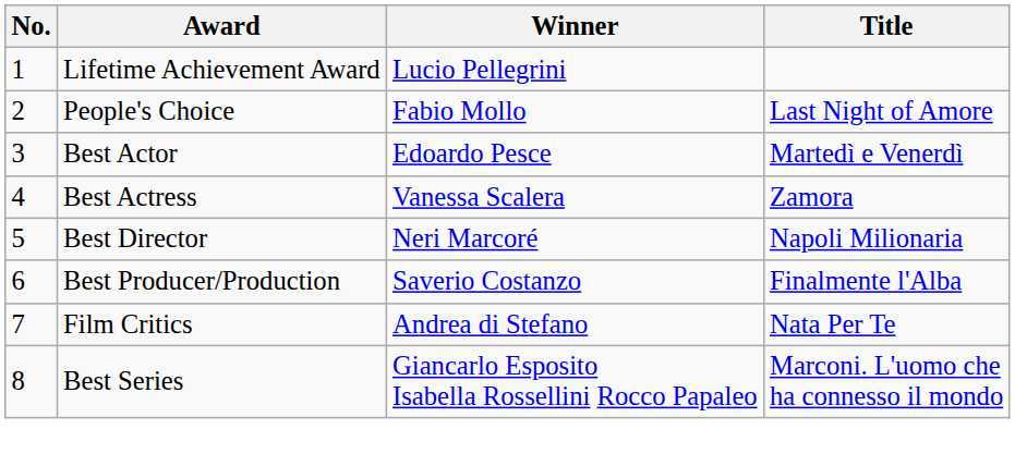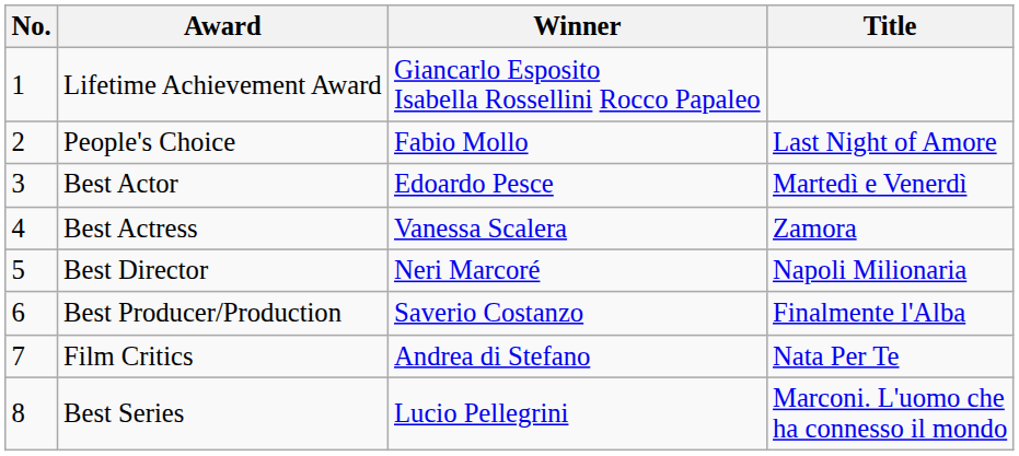 <table class="wikitable">
 <tr>
 <th>No.</th>
 <th>Award</th>
 <th>Winner</th>
 <th>Title</th>
 </tr>
 <tr>
 <td>1</td>
 <td>Lifetime Achievement Award</td>
-<td><a href='#'>Lucio Pellegrini</a></td>
+<td><a href='#'>Giancarlo Esposito</a><br><a href='#'>Isabella Rossellini</a> <a href='#'>Rocco Papaleo</a></td>
 <td></td>
 </tr>
 <tr>
 <td>2</td>
 <td>People's Choice</td>
 <td><a href='#'>Fabio Mollo</a></td>
 <td><a href='#'>Last Night of Amore</a></td>
 </tr>
 <tr>
 <td>3</td>
 <td>Best Actor</td>
 <td><a href='#'>Edoardo Pesce</a></td>
 <td><a href='#'>Martedì e Venerdì</a></td>
 </tr>
 <tr>
 <td>4</td>
 <td>Best Actress</td>
 <td><a href='#'>Vanessa Scalera</a></td>
 <td><a href='#'>Zamora</a></td>
 </tr>
 <tr>
 <td>5</td>
 <td>Best Director</td>
 <td><a href='#'>Neri Marcoré</a></td>
 <td><a href='#'>Napoli Milionaria</a></td>
 </tr>
 <tr>
 <td>6</td>
 <td>Best Producer/Production</td>
 <td><a href='#'>Saverio Costanzo</a></td>
 <td><a href='#'>Finalmente l'Alba</a></td>
 </tr>
 <tr>
 <td>7</td>
 <td>Film Critics</td>
 <td><a href='#'>Andrea di Stefano</a></td>
 <td><a href='#'>Nata Per Te</a></td>
 </tr>
 <tr>
 <td>8</td>
 <td>Best Series</td>
-<td><a href='#'>Giancarlo Esposito</a><br><a href='#'>Isabella Rossellini</a> <a href='#'>Rocco Papaleo</a></td>
+<td><a href='#'>Lucio Pellegrini</a></td>
 <td><a href='#'>Marconi. L'uomo che</a><br><a href='#'>ha connesso il mondo</a></td>
 </tr>
 </table>
